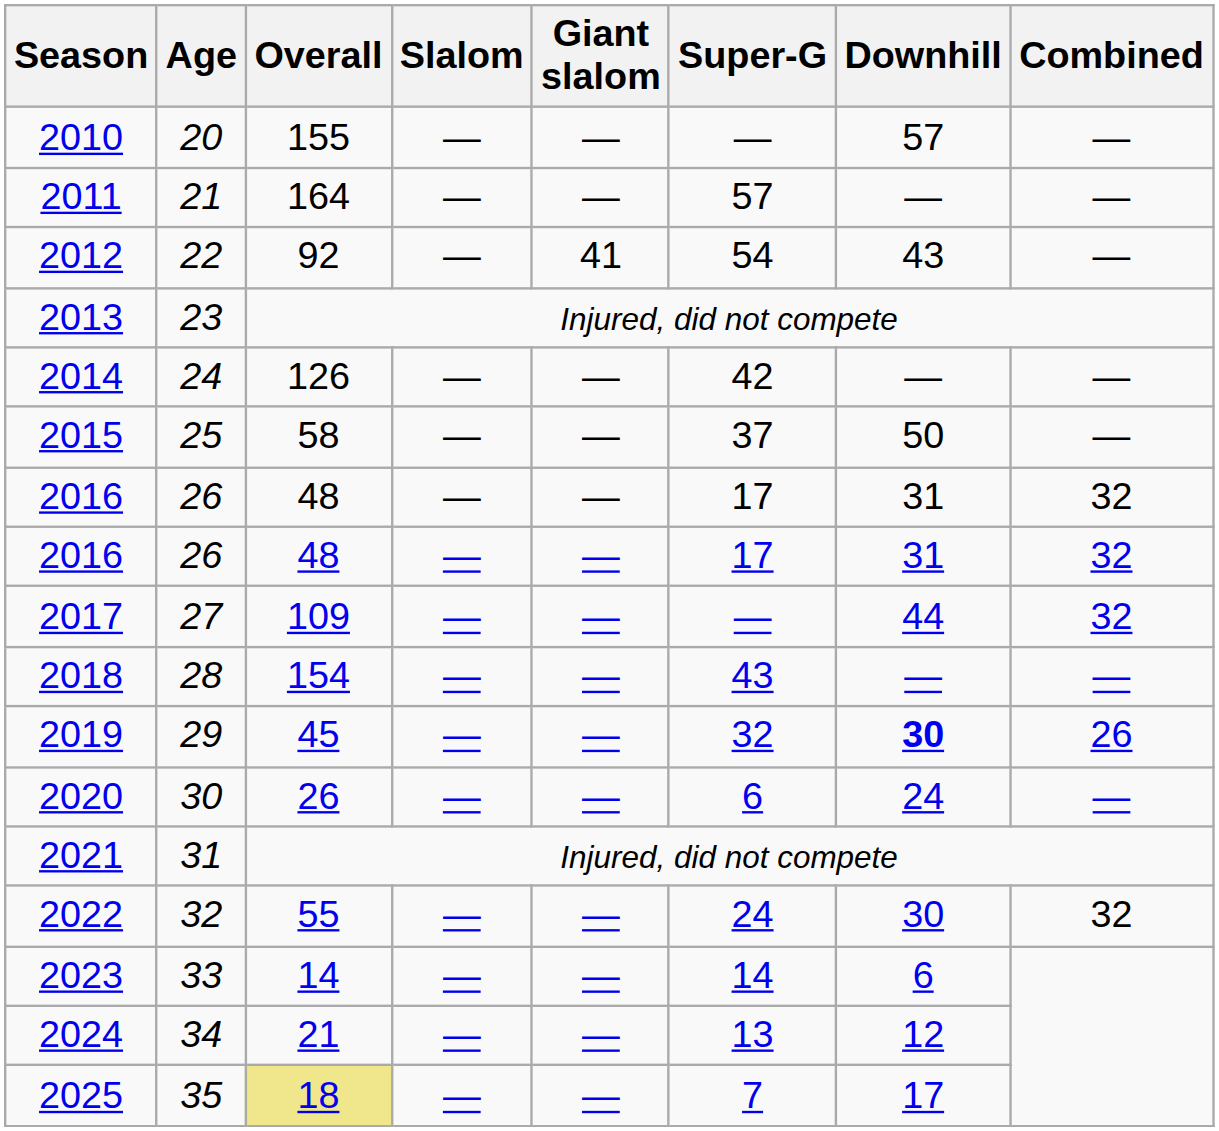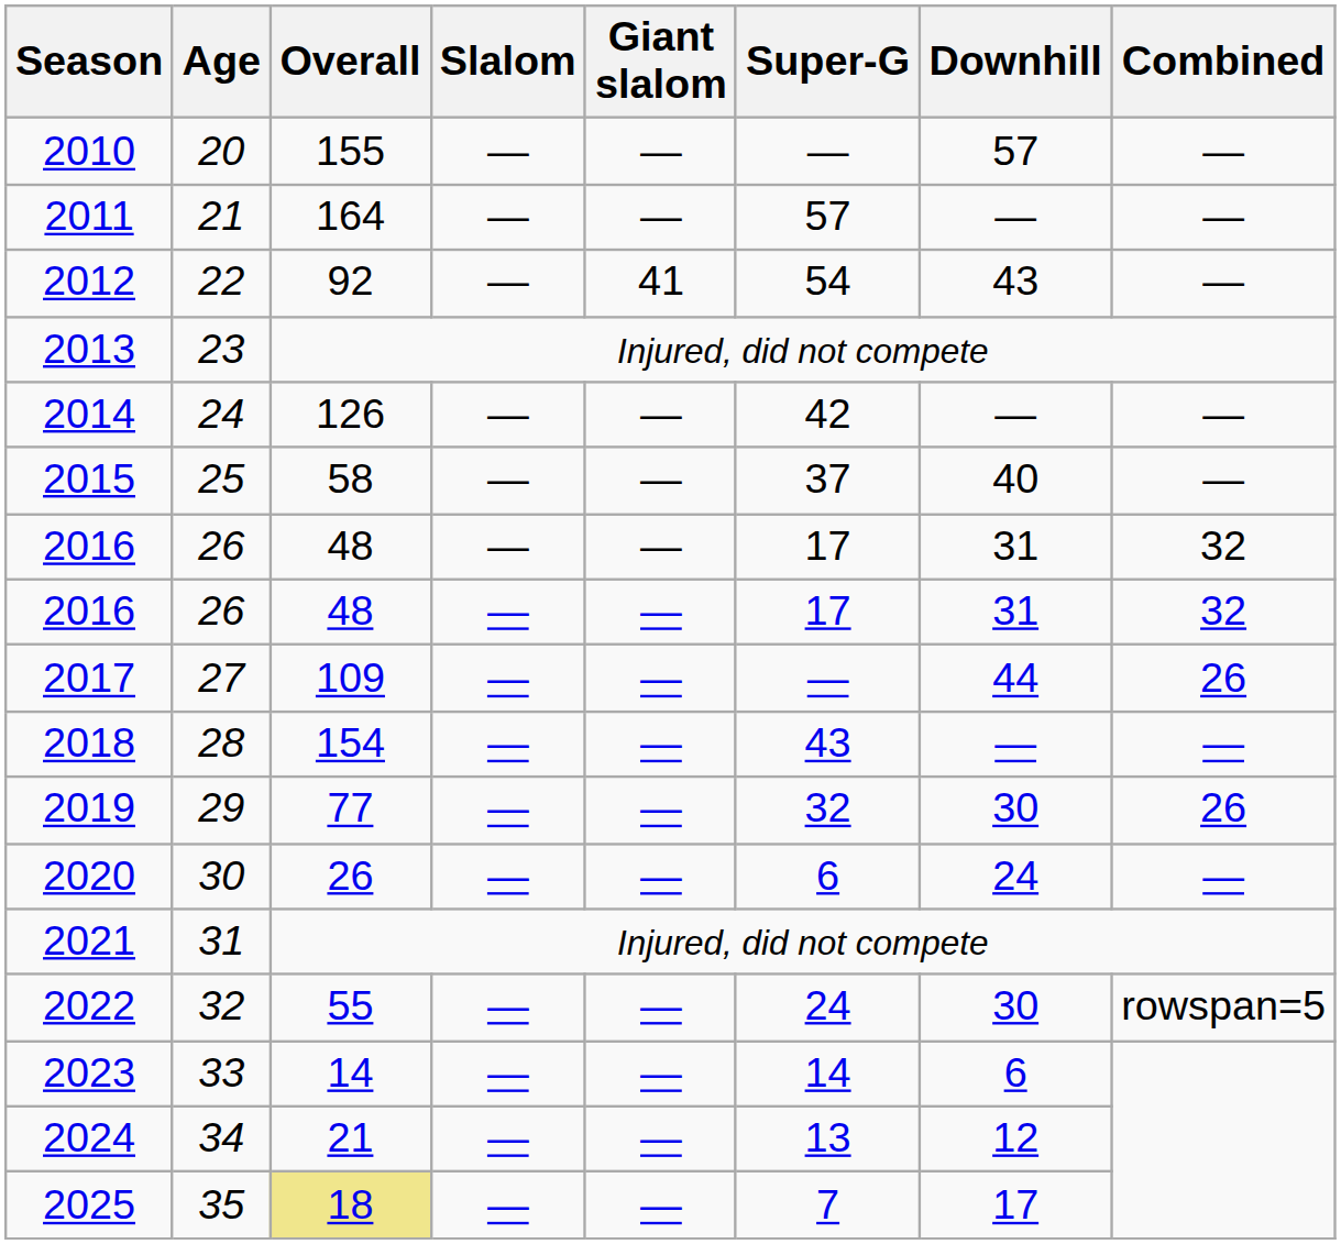 <table class=wikitable style="text-align:center">
 <tr>
 <th>Season</th>
 <th>Age</th>
 <th>Overall</th>
 <th>Slalom</th>
 <th>Giant<br>slalom</th>
 <th>Super-G</th>
 <th>Downhill</th>
 <th>Combined</th>
 </tr>
 <tr>
 <td><a href='#'>2010</a></td>
 <td><em>20</em></td>
 <td>155</td>
 <td>—</td>
 <td>—</td>
 <td>—</td>
 <td>57</td>
 <td>—</td>
 </tr>
 <tr>
 <td><a href='#'>2011</a></td>
 <td><em>21</em></td>
 <td>164</td>
 <td>—</td>
 <td>—</td>
 <td>57</td>
 <td>—</td>
 <td>—</td>
 </tr>
 <tr>
 <td><a href='#'>2012</a></td>
 <td><em>22</em></td>
 <td>92</td>
 <td>—</td>
 <td>41</td>
 <td>54</td>
 <td>43</td>
 <td>—</td>
 </tr>
 <tr>
 <td><a href='#'>2013</a></td>
 <td><em>23</em></td>
 <td colspan=6><em><small>Injured, did not compete</small></em></td>
 </tr>
 <tr>
 <td><a href='#'>2014</a></td>
 <td><em>24</em></td>
 <td>126</td>
 <td>—</td>
 <td>—</td>
 <td>42</td>
 <td>—</td>
 <td>—</td>
 </tr>
 <tr>
 <td><a href='#'>2015</a></td>
 <td><em>25</em></td>
 <td>58</td>
 <td>—</td>
 <td>—</td>
 <td>37</td>
-<td>50</td>
+<td>40</td>
 <td>—</td>
 </tr>
 <tr>
 <td><a href='#'>2016</a></td>
 <td><em>26</em></td>
 <td>48</td>
 <td>—</td>
 <td>—</td>
 <td>17</td>
 <td>31</td>
 <td>32</td>
 </tr>
 <tr>
 <td><a href='#'>2016</a></td>
 <td><em>26</em></td>
 <td><a href='#'>48</a></td>
 <td><a href='#'>—</a></td>
 <td><a href='#'>—</a></td>
 <td><a href='#'>17</a></td>
 <td><a href='#'>31</a></td>
 <td><a href='#'>32</a></td>
 </tr>
 <tr>
 <td><a href='#'>2017</a></td>
 <td><em>27</em></td>
 <td><a href='#'>109</a></td>
 <td><a href='#'>—</a></td>
 <td><a href='#'>—</a></td>
 <td><a href='#'>—</a></td>
 <td><a href='#'>44</a></td>
-<td><a href='#'>32</a></td>
+<td><a href='#'>26</a></td>
 </tr>
 <tr>
 <td><a href='#'>2018</a></td>
 <td><em>28</em></td>
 <td><a href='#'>154</a></td>
 <td><a href='#'>—</a></td>
 <td><a href='#'>—</a></td>
 <td><a href='#'>43</a></td>
 <td><a href='#'>—</a></td>
 <td><a href='#'>—</a></td>
 </tr>
 <tr>
 <td><a href='#'>2019</a></td>
 <td><em>29</em></td>
-<td><a href='#'>45</a></td>
+<td><a href='#'>77</a></td>
 <td><a href='#'>—</a></td>
 <td><a href='#'>—</a></td>
 <td><a href='#'>32</a></td>
-<td><strong><a href='#'>30</a></strong></td>
+<td><a href='#'>30</a></td>
 <td><a href='#'>26</a></td>
 </tr>
 <tr>
 <td><a href='#'>2020</a></td>
 <td><em>30</em></td>
 <td><a href='#'>26</a></td>
 <td><a href='#'>—</a></td>
 <td><a href='#'>—</a></td>
 <td><a href='#'>6</a></td>
 <td><a href='#'>24</a></td>
 <td><a href='#'>—</a></td>
 </tr>
 <tr>
 <td><a href='#'>2021</a></td>
 <td><em>31</em></td>
 <td colspan=6><em><small>Injured, did not compete</small></em></td>
 </tr>
 <tr>
 <td><a href='#'>2022</a></td>
 <td><em>32</em></td>
 <td><a href='#'>55</a></td>
 <td><a href='#'>—</a></td>
 <td><a href='#'>—</a></td>
 <td><a href='#'>24</a></td>
 <td><a href='#'>30</a></td>
-<td>32</td>
+<td>rowspan=5 </td>
 </tr>
 <tr>
 <td><a href='#'>2023</a></td>
 <td><em>33</em></td>
 <td><a href='#'>14</a></td>
 <td><a href='#'>—</a></td>
 <td><a href='#'>—</a></td>
 <td><a href='#'>14</a></td>
 <td><a href='#'>6</a></td>
 </tr>
 <tr>
 <td><a href='#'>2024</a></td>
 <td><em>34</em></td>
 <td><a href='#'>21</a></td>
 <td><a href='#'>—</a></td>
 <td><a href='#'>—</a></td>
 <td><a href='#'>13</a></td>
 <td><a href='#'>12</a></td>
 </tr>
 <tr>
 <td><a href='#'>2025</a></td>
 <td><em>35</em></td>
 <td style="background: khaki;"><a href='#'>18</a></td>
 <td><a href='#'>—</a></td>
 <td><a href='#'>—</a></td>
 <td><a href='#'>7</a></td>
 <td><a href='#'>17</a></td>
 </tr>
 </table>
